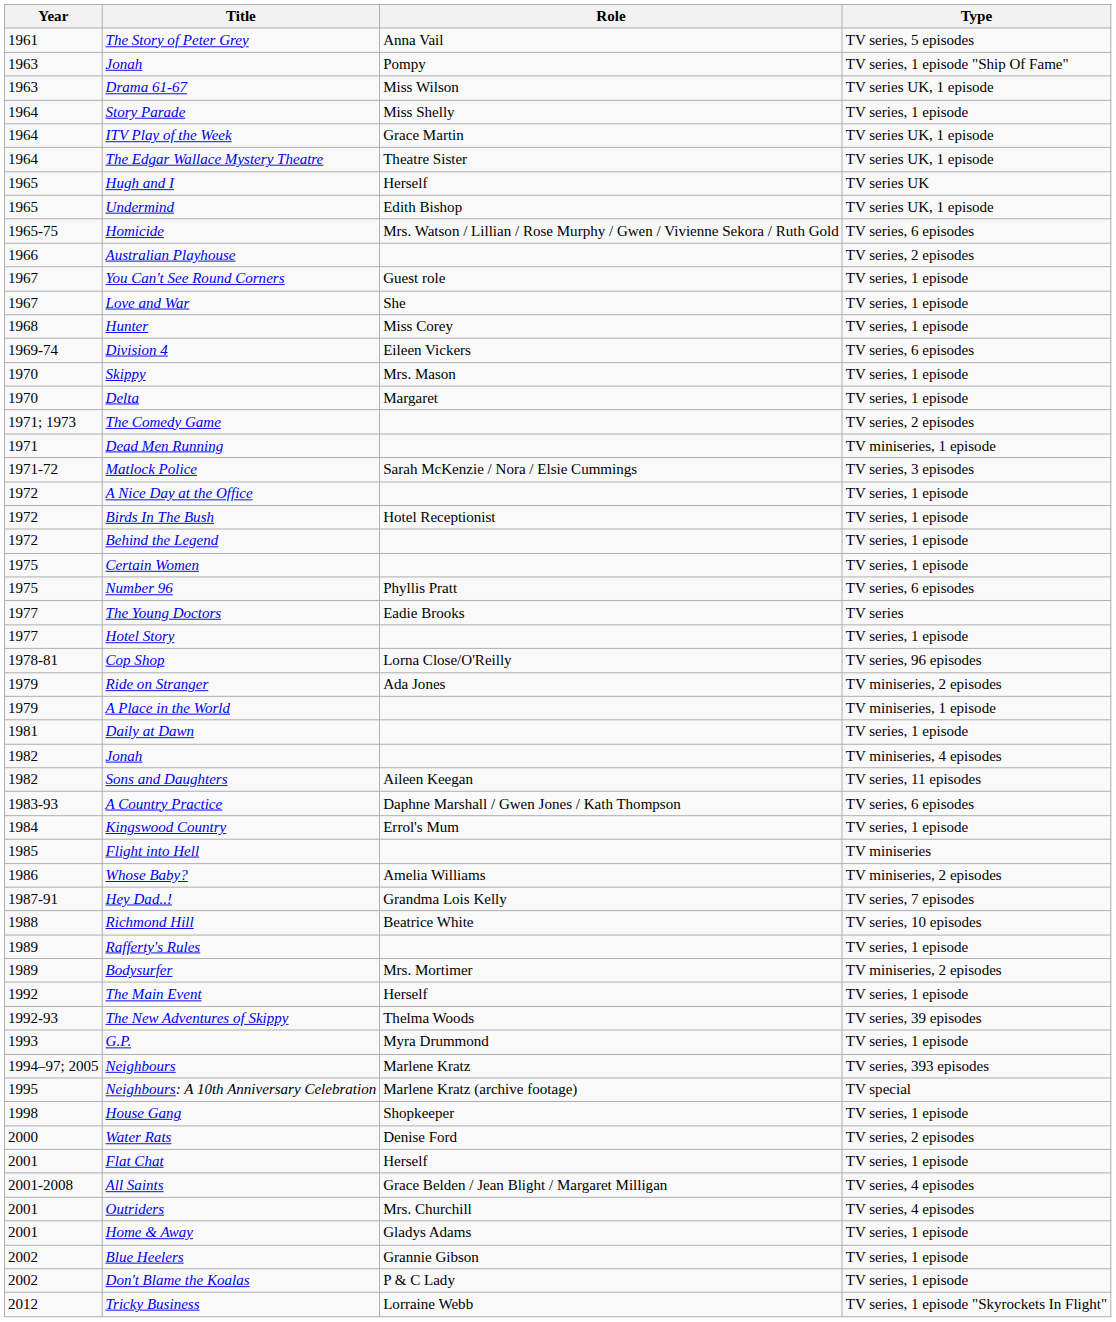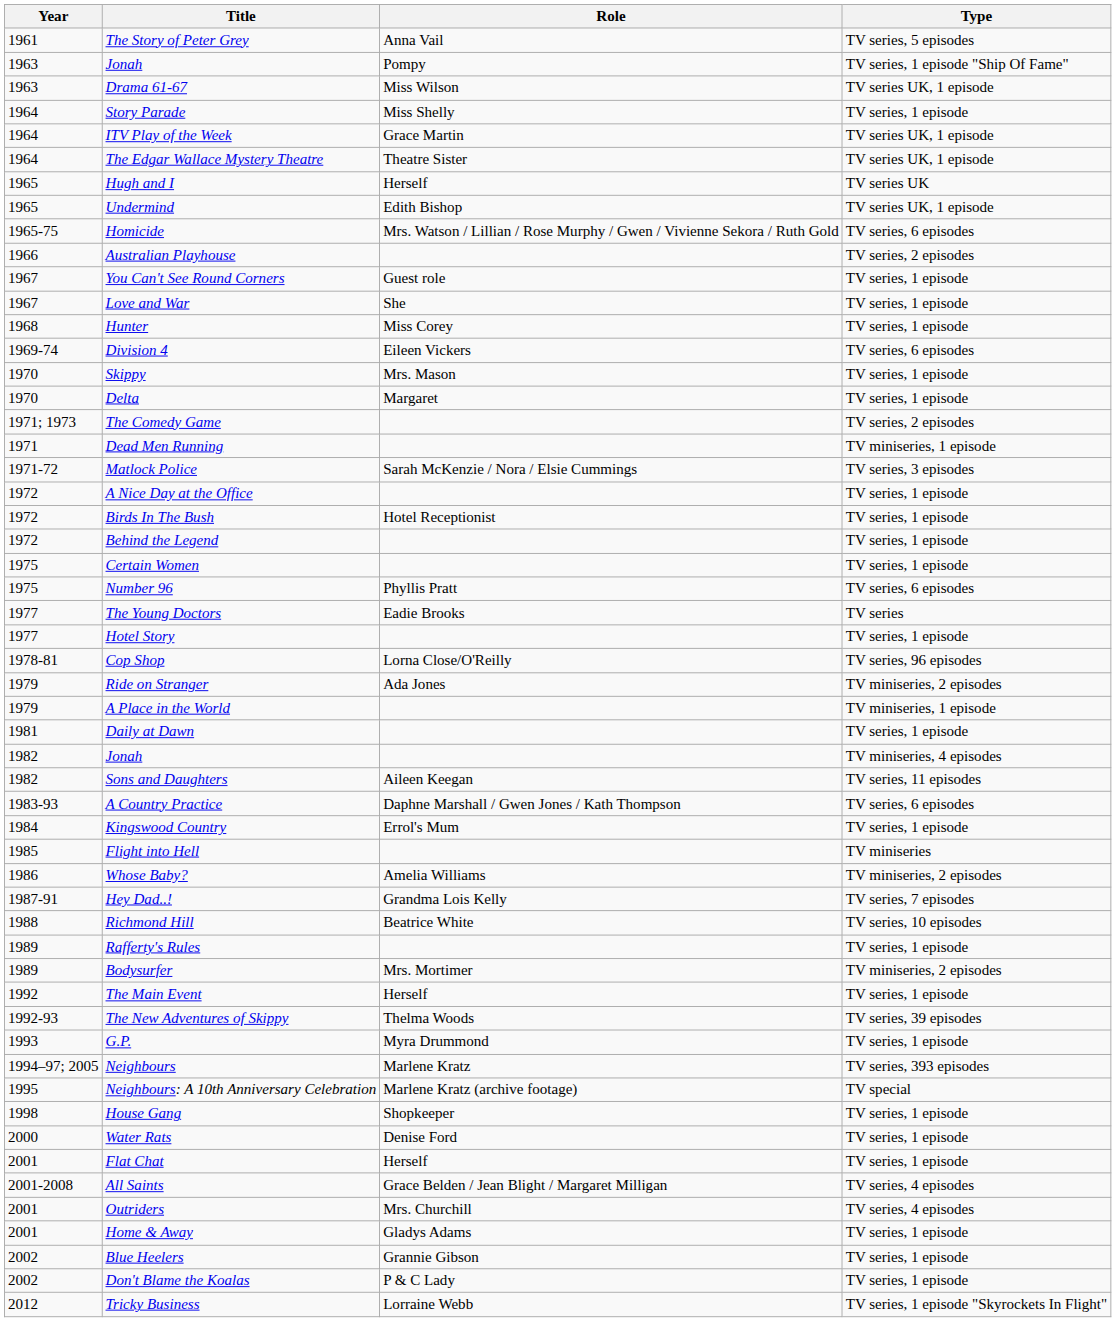 <table class="wikitable">
 <tr>
 <th>Year</th>
 <th>Title</th>
 <th>Role</th>
 <th>Type</th>
 </tr>
 <tr>
 <td>1961</td>
 <td><em><a href='#'>The Story of Peter Grey</a></em></td>
 <td>Anna Vail</td>
 <td>TV series, 5 episodes</td>
 </tr>
 <tr>
 <td>1963</td>
 <td><em><a href='#'>Jonah</a></em></td>
 <td>Pompy</td>
 <td>TV series, 1 episode "Ship Of Fame"</td>
 </tr>
 <tr>
 <td>1963</td>
 <td><em><a href='#'>Drama 61-67</a></em></td>
 <td>Miss Wilson</td>
 <td>TV series UK, 1 episode</td>
 </tr>
 <tr>
 <td>1964</td>
 <td><em><a href='#'>Story Parade</a></em></td>
 <td>Miss Shelly</td>
 <td>TV series, 1 episode</td>
 </tr>
 <tr>
 <td>1964</td>
 <td><em><a href='#'>ITV Play of the Week</a></em></td>
 <td>Grace Martin</td>
 <td>TV series UK, 1 episode</td>
 </tr>
 <tr>
 <td>1964</td>
 <td><em><a href='#'>The Edgar Wallace Mystery Theatre</a></em></td>
 <td>Theatre Sister</td>
 <td>TV series UK, 1 episode</td>
 </tr>
 <tr>
 <td>1965</td>
 <td><em><a href='#'>Hugh and I</a></em></td>
 <td>Herself</td>
 <td>TV series UK</td>
 </tr>
 <tr>
 <td>1965</td>
 <td><em><a href='#'>Undermind</a></em></td>
 <td>Edith Bishop</td>
 <td>TV series UK, 1 episode</td>
 </tr>
 <tr>
 <td>1965-75</td>
 <td><em><a href='#'>Homicide</a></em></td>
 <td>Mrs. Watson / Lillian / Rose Murphy / Gwen / Vivienne Sekora / Ruth Gold</td>
 <td>TV series, 6 episodes</td>
 </tr>
 <tr>
 <td>1966</td>
 <td><em><a href='#'>Australian Playhouse</a></em></td>
 <td></td>
 <td>TV series, 2 episodes</td>
 </tr>
 <tr>
 <td>1967</td>
 <td><em><a href='#'>You Can't See Round Corners</a></em></td>
 <td>Guest role</td>
 <td>TV series, 1 episode</td>
 </tr>
 <tr>
 <td>1967</td>
 <td><em><a href='#'>Love and War</a></em></td>
 <td>She</td>
 <td>TV series, 1 episode</td>
 </tr>
 <tr>
 <td>1968</td>
 <td><em><a href='#'>Hunter</a></em></td>
 <td>Miss Corey</td>
 <td>TV series, 1 episode</td>
 </tr>
 <tr>
 <td>1969-74</td>
 <td><em><a href='#'>Division 4</a></em></td>
 <td>Eileen Vickers</td>
 <td>TV series, 6 episodes</td>
 </tr>
 <tr>
 <td>1970</td>
 <td><em><a href='#'>Skippy</a></em></td>
 <td>Mrs. Mason</td>
 <td>TV series, 1 episode</td>
 </tr>
 <tr>
 <td>1970</td>
 <td><em><a href='#'>Delta</a></em></td>
 <td>Margaret</td>
 <td>TV series, 1 episode</td>
 </tr>
 <tr>
 <td>1971; 1973</td>
 <td><em><a href='#'>The Comedy Game</a></em></td>
 <td></td>
 <td>TV series, 2 episodes</td>
 </tr>
 <tr>
 <td>1971</td>
 <td><em><a href='#'>Dead Men Running</a></em></td>
 <td></td>
 <td>TV miniseries, 1 episode</td>
 </tr>
 <tr>
 <td>1971-72</td>
 <td><em><a href='#'>Matlock Police</a></em></td>
 <td>Sarah McKenzie / Nora / Elsie Cummings</td>
 <td>TV series, 3 episodes</td>
 </tr>
 <tr>
 <td>1972</td>
 <td><em><a href='#'>A Nice Day at the Office</a></em></td>
 <td></td>
 <td>TV series, 1 episode</td>
 </tr>
 <tr>
 <td>1972</td>
 <td><em><a href='#'>Birds In The Bush</a></em></td>
 <td>Hotel Receptionist</td>
 <td>TV series, 1 episode</td>
 </tr>
 <tr>
 <td>1972</td>
 <td><em><a href='#'>Behind the Legend</a></em></td>
 <td></td>
 <td>TV series, 1 episode</td>
 </tr>
 <tr>
 <td>1975</td>
 <td><em><a href='#'>Certain Women</a></em></td>
 <td></td>
 <td>TV series, 1 episode</td>
 </tr>
 <tr>
 <td>1975</td>
 <td><em><a href='#'>Number 96</a></em></td>
 <td>Phyllis Pratt</td>
 <td>TV series, 6 episodes</td>
 </tr>
 <tr>
 <td>1977</td>
 <td><em><a href='#'>The Young Doctors</a></em></td>
 <td>Eadie Brooks</td>
 <td>TV series</td>
 </tr>
 <tr>
 <td>1977</td>
 <td><em><a href='#'>Hotel Story</a></em></td>
 <td></td>
 <td>TV series, 1 episode</td>
 </tr>
 <tr>
 <td>1978-81</td>
 <td><em><a href='#'>Cop Shop</a></em></td>
 <td>Lorna Close/O'Reilly</td>
 <td>TV series, 96 episodes</td>
 </tr>
 <tr>
 <td>1979</td>
 <td><em><a href='#'>Ride on Stranger</a></em></td>
 <td>Ada Jones</td>
 <td>TV miniseries, 2 episodes</td>
 </tr>
 <tr>
 <td>1979</td>
 <td><em><a href='#'>A Place in the World</a></em></td>
 <td></td>
 <td>TV miniseries, 1 episode</td>
 </tr>
 <tr>
 <td>1981</td>
 <td><em><a href='#'>Daily at Dawn</a></em></td>
 <td></td>
 <td>TV series, 1 episode</td>
 </tr>
 <tr>
 <td>1982</td>
 <td><em><a href='#'>Jonah</a></em></td>
 <td></td>
 <td>TV miniseries, 4 episodes</td>
 </tr>
 <tr>
 <td>1982</td>
 <td><em><a href='#'>Sons and Daughters</a></em></td>
 <td>Aileen Keegan</td>
 <td>TV series, 11 episodes</td>
 </tr>
 <tr>
 <td>1983-93</td>
 <td><em><a href='#'>A Country Practice</a></em></td>
 <td>Daphne Marshall / Gwen Jones / Kath Thompson</td>
 <td>TV series, 6 episodes</td>
 </tr>
 <tr>
 <td>1984</td>
 <td><em><a href='#'>Kingswood Country</a></em></td>
 <td>Errol's Mum</td>
 <td>TV series, 1 episode</td>
 </tr>
 <tr>
 <td>1985</td>
 <td><em><a href='#'>Flight into Hell</a></em></td>
 <td></td>
 <td>TV miniseries</td>
 </tr>
 <tr>
 <td>1986</td>
 <td><em><a href='#'>Whose Baby?</a></em></td>
 <td>Amelia Williams</td>
 <td>TV miniseries, 2 episodes</td>
 </tr>
 <tr>
 <td>1987-91</td>
 <td><em><a href='#'>Hey Dad..!</a></em></td>
 <td>Grandma Lois Kelly</td>
 <td>TV series, 7 episodes</td>
 </tr>
 <tr>
 <td>1988</td>
 <td><em><a href='#'>Richmond Hill</a></em></td>
 <td>Beatrice White</td>
 <td>TV series, 10 episodes</td>
 </tr>
 <tr>
 <td>1989</td>
 <td><em><a href='#'>Rafferty's Rules</a></em></td>
 <td></td>
 <td>TV series, 1 episode</td>
 </tr>
 <tr>
 <td>1989</td>
 <td><em><a href='#'>Bodysurfer</a></em></td>
 <td>Mrs. Mortimer</td>
 <td>TV miniseries, 2 episodes</td>
 </tr>
 <tr>
 <td>1992</td>
 <td><em><a href='#'>The Main Event</a></em></td>
 <td>Herself</td>
 <td>TV series, 1 episode</td>
 </tr>
 <tr>
 <td>1992-93</td>
 <td><em><a href='#'>The New Adventures of Skippy</a></em></td>
 <td>Thelma Woods</td>
 <td>TV series, 39 episodes</td>
 </tr>
 <tr>
 <td>1993</td>
 <td><em><a href='#'>G.P.</a></em></td>
 <td>Myra Drummond</td>
 <td>TV series, 1 episode</td>
 </tr>
 <tr>
 <td>1994–97; 2005</td>
 <td><em><a href='#'>Neighbours</a></em></td>
 <td>Marlene Kratz</td>
 <td>TV series, 393 episodes</td>
 </tr>
 <tr>
 <td>1995</td>
 <td><em><a href='#'>Neighbours</a>: A 10th Anniversary Celebration</em></td>
 <td>Marlene Kratz (archive footage)</td>
 <td>TV special</td>
 </tr>
 <tr>
 <td>1998</td>
 <td><em><a href='#'>House Gang</a></em></td>
 <td>Shopkeeper</td>
 <td>TV series, 1 episode</td>
 </tr>
 <tr>
 <td>2000</td>
 <td><em><a href='#'>Water Rats</a></em></td>
 <td>Denise Ford</td>
-<td>TV series, 2 episodes</td>
+<td>TV series, 1 episode</td>
 </tr>
 <tr>
 <td>2001</td>
 <td><em><a href='#'>Flat Chat</a></em></td>
 <td>Herself</td>
 <td>TV series, 1 episode</td>
 </tr>
 <tr>
 <td>2001-2008</td>
 <td><em><a href='#'>All Saints</a></em></td>
 <td>Grace Belden / Jean Blight / Margaret Milligan</td>
 <td>TV series, 4 episodes</td>
 </tr>
 <tr>
 <td>2001</td>
 <td><em><a href='#'>Outriders</a></em></td>
 <td>Mrs. Churchill</td>
 <td>TV series, 4 episodes</td>
 </tr>
 <tr>
 <td>2001</td>
 <td><em><a href='#'>Home & Away</a></em></td>
 <td>Gladys Adams</td>
 <td>TV series, 1 episode</td>
 </tr>
 <tr>
 <td>2002</td>
 <td><em><a href='#'>Blue Heelers</a></em></td>
 <td>Grannie Gibson</td>
 <td>TV series, 1 episode</td>
 </tr>
 <tr>
 <td>2002</td>
 <td><em><a href='#'>Don't Blame the Koalas</a></em></td>
 <td>P & C Lady</td>
 <td>TV series, 1 episode</td>
 </tr>
 <tr>
 <td>2012</td>
 <td><em><a href='#'>Tricky Business</a></em></td>
 <td>Lorraine Webb</td>
 <td>TV series, 1 episode "Skyrockets In Flight"</td>
 </tr>
 </table>
